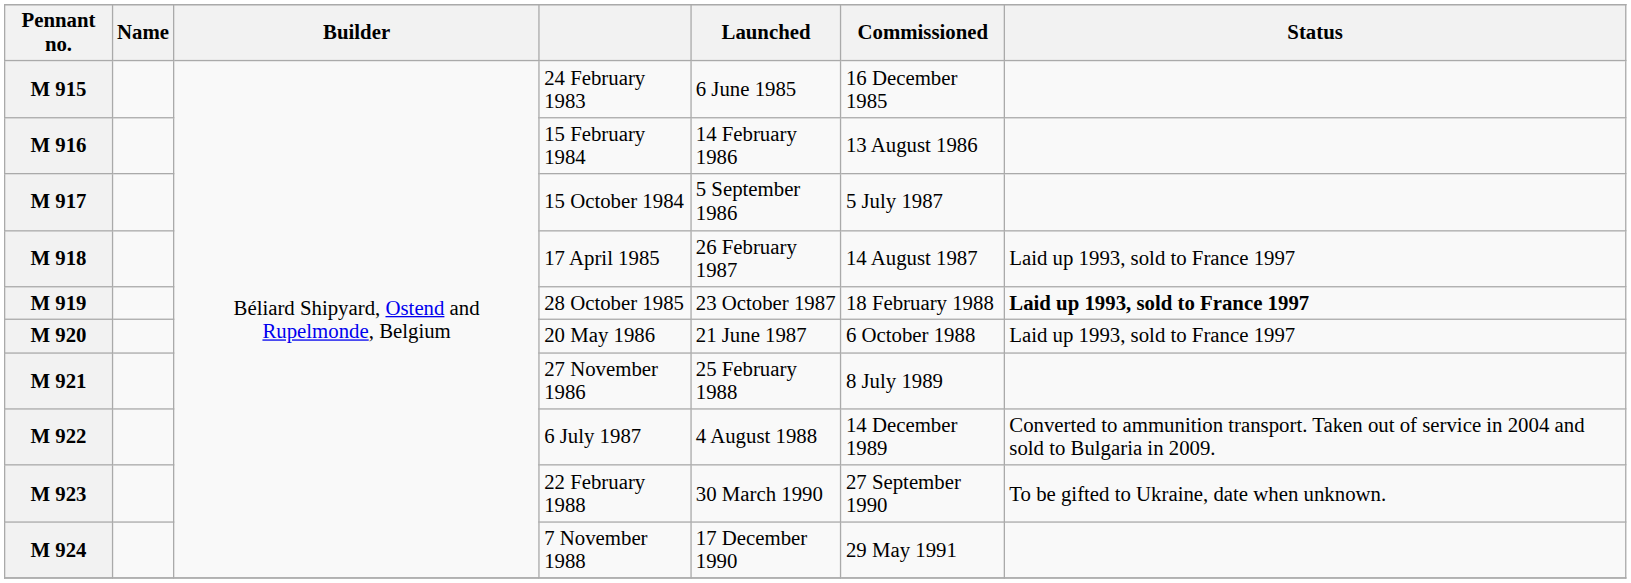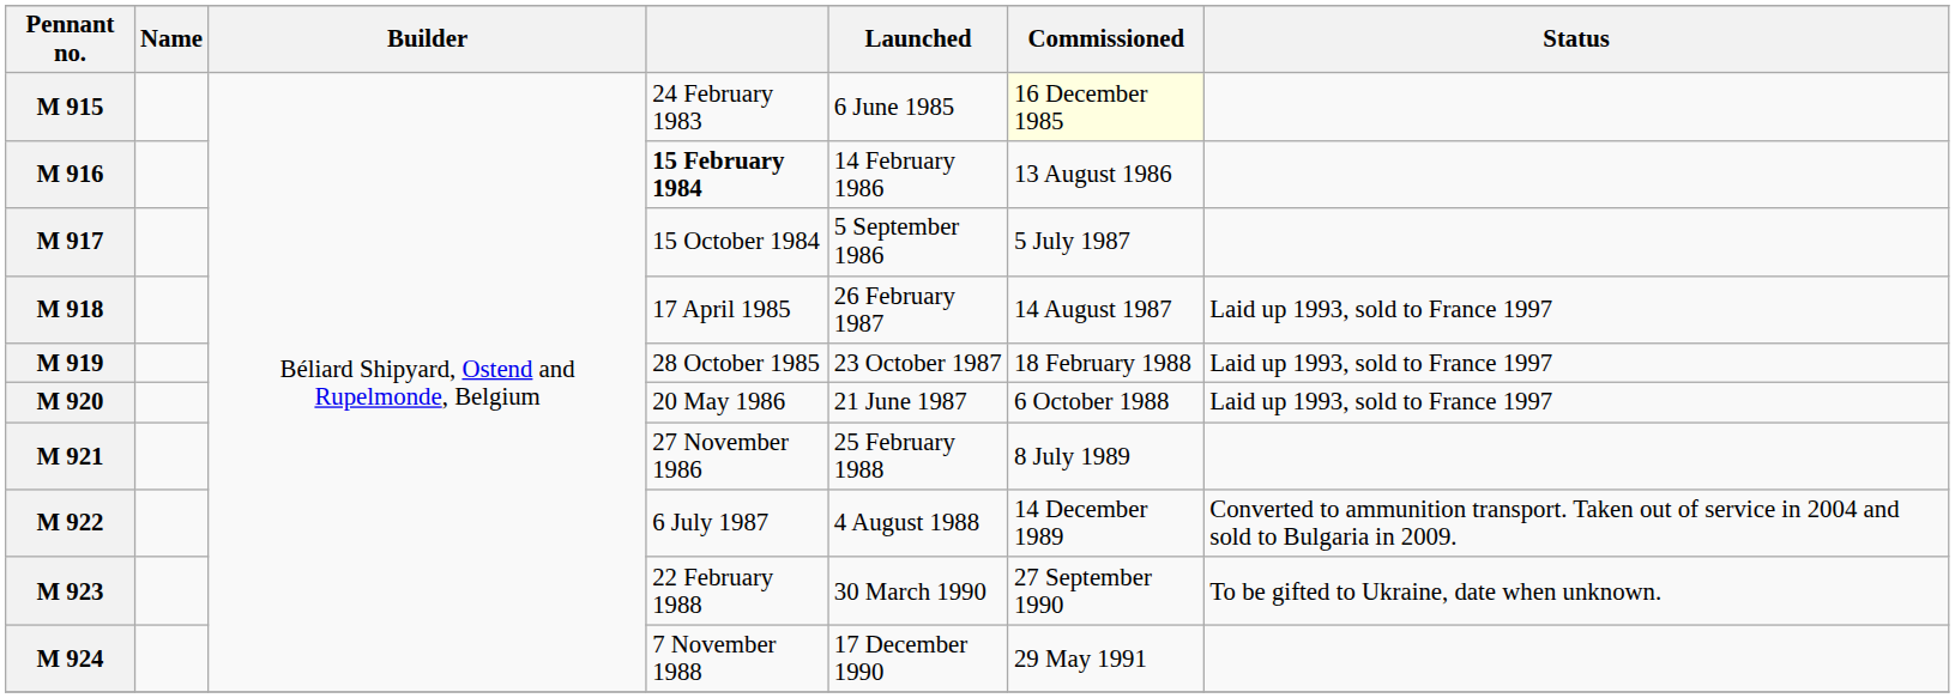 <table class="wikitable plainrowheaders">
 <tr>
 </tr>
 <tr>
 <th scope="col">Pennant no.</th>
 <th scope="col">Name</th>
 <th scope="col">Builder</th>
 <th scope="col"></th>
 <th scope="col">Launched</th>
 <th scope="col">Commissioned</th>
 <th scope="col">Status</th>
 </tr>
 <tr>
 <th scope="row">M 915</th>
 <td></td>
 <td rowspan=10 align=center>Béliard Shipyard, <a href='#'>Ostend</a> and <a href='#'>Rupelmonde</a>, Belgium</td>
 <td>24 February 1983</td>
 <td>6 June 1985</td>
-<td>16 December 1985</td>
+<td style="background: lightyellow;">16 December 1985</td>
 <td></td>
 </tr>
 <tr>
 <th scope="row">M 916</th>
 <td></td>
-<td>15 February 1984</td>
+<td><strong>15 February 1984</strong></td>
 <td>14 February 1986</td>
 <td>13 August 1986</td>
 <td></td>
 </tr>
 <tr>
 <th scope="row">M 917</th>
 <td></td>
 <td>15 October 1984</td>
 <td>5 September 1986</td>
 <td>5 July 1987</td>
 <td></td>
 </tr>
 <tr>
 <th scope="row">M 918</th>
 <td></td>
 <td>17 April 1985</td>
 <td>26 February 1987</td>
 <td>14 August 1987</td>
 <td>Laid up 1993, sold to France 1997</td>
 </tr>
 <tr>
 <th scope="row">M 919</th>
 <td></td>
 <td>28 October 1985</td>
 <td>23 October 1987</td>
 <td>18 February 1988</td>
-<td><strong>Laid up 1993, sold to France 1997</strong></td>
+<td>Laid up 1993, sold to France 1997</td>
 </tr>
 <tr>
 <th scope="row">M 920</th>
 <td></td>
 <td>20 May 1986</td>
 <td>21 June 1987</td>
 <td>6 October 1988</td>
 <td>Laid up 1993, sold to France 1997</td>
 </tr>
 <tr>
 <th scope="row">M 921</th>
 <td></td>
 <td>27 November 1986</td>
 <td>25 February 1988</td>
 <td>8 July 1989</td>
 <td></td>
 </tr>
 <tr>
 <th scope="row">M 922</th>
 <td></td>
 <td>6 July 1987</td>
 <td>4 August 1988</td>
 <td>14 December 1989</td>
 <td>Converted to ammunition transport. Taken out of service in 2004 and sold to Bulgaria in 2009.</td>
 </tr>
 <tr>
 <th scope="row">M 923</th>
 <td></td>
 <td>22 February 1988</td>
 <td>30 March 1990</td>
 <td>27 September 1990</td>
 <td>To be gifted to Ukraine, date when unknown.</td>
 </tr>
 <tr>
 <th scope="row">M 924</th>
 <td></td>
 <td>7 November 1988</td>
 <td>17 December 1990</td>
 <td>29 May 1991</td>
 <td></td>
 </tr>
 <tr>
 </tr>
 </table>
